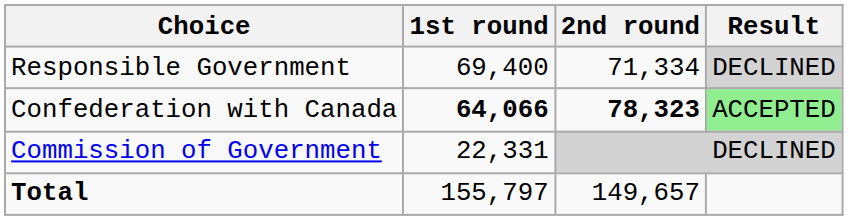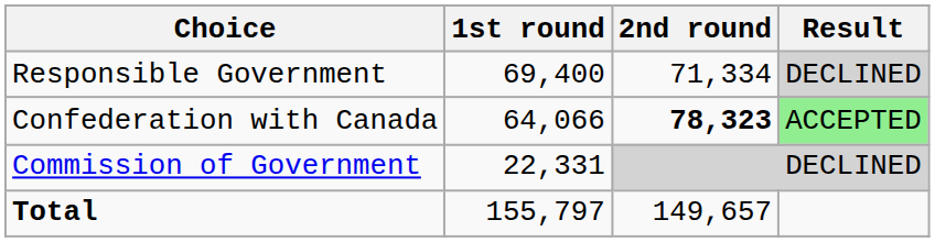 <table class="wikitable">
 <tr>
 <th>Choice</th>
 <th>1st round</th>
 <th>2nd round</th>
 <th>Result</th>
 </tr>
 <tr align="right">
 <td align="left">Responsible Government</td>
 <td>69,400</td>
 <td>71,334</td>
 <td bgcolor="lightgray">DECLINED</td>
 </tr>
 <tr align="right">
 <td align="left">Confederation with Canada</td>
-<td><strong>64,066</strong></td>
+<td>64,066</td>
 <td><strong>78,323</strong></td>
 <td bgcolor="lightgreen">ACCEPTED</td>
 </tr>
 <tr align="right">
 <td align="left"><a href='#'>Commission of Government</a></td>
 <td>22,331</td>
 <td colspan="2" bgcolor="lightgray">DECLINED</td>
 </tr>
 <tr align="right">
 <td align="left"><strong>Total</strong></td>
 <td>155,797</td>
 <td>149,657</td>
 </tr>
 </table>
